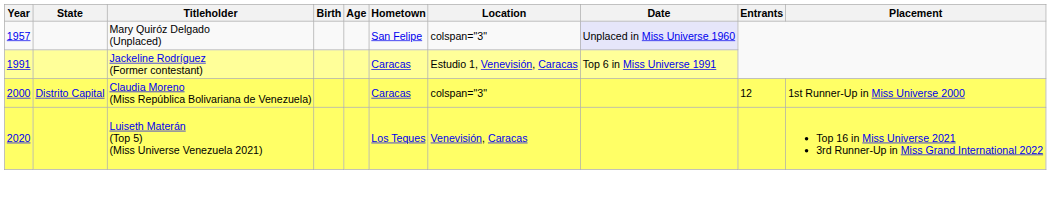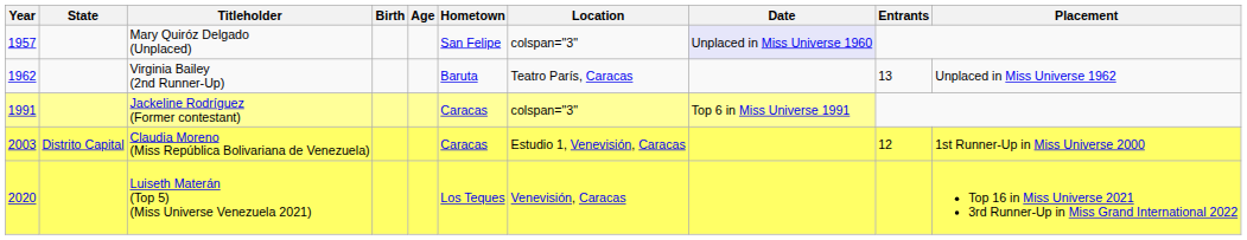 <table class="wikitable sortable" style="font-size: 95%;">
 <tr>
 <th>Year</th>
 <th>State</th>
 <th>Titleholder</th>
 <th>Birth</th>
 <th>Age</th>
 <th>Hometown</th>
 <th>Location</th>
 <th>Date</th>
 <th>Entrants</th>
 <th>Placement</th>
 </tr>
 <tr>
 <td><a href='#'>1957</a></td>
 <td></td>
 <td>Mary Quiróz Delgado<br>(Unplaced)</td>
 <td></td>
 <td></td>
 <td><a href='#'>San Felipe</a></td>
 <td>colspan="3" </td>
 <td style="background: lavender;">Unplaced in <a href='#'>Miss Universe 1960</a></td>
 </tr>
+<tr>
+<td><a href='#'>1962</a></td>
+<td></td>
+<td>Virginia Bailey<br>(2nd Runner-Up)</td>
+<td></td>
+<td></td>
+<td><a href='#'>Baruta</a></td>
+<td>Teatro París, <a href='#'>Caracas</a></td>
+<td></td>
+<td>13</td>
+<td>Unplaced in <a href='#'>Miss Universe 1962</a></td>
+</tr>
 <tr style="background-color:#FFFF99;">
 <td><a href='#'>1991</a></td>
 <td><s></s></td>
 <td><a href='#'>Jackeline Rodríguez</a><br>(Former contestant)</td>
 <td></td>
 <td></td>
 <td><a href='#'>Caracas</a></td>
-<td>Estudio 1, <a href='#'>Venevisión</a>, <a href='#'>Caracas</a></td>
+<td>colspan="3" </td>
 <td>Top 6 in <a href='#'>Miss Universe 1991</a></td>
 </tr>
 <tr style="background-color:#FFFF66;">
-<td><a href='#'>2000</a></td>
+<td><a href='#'>2003</a></td>
 <td> <a href='#'>Distrito Capital</a></td>
 <td><a href='#'>Claudia Moreno</a><br>(Miss República Bolivariana de Venezuela)</td>
 <td></td>
 <td></td>
 <td><a href='#'>Caracas</a></td>
-<td>colspan="3" </td>
+<td>Estudio 1, <a href='#'>Venevisión</a>, <a href='#'>Caracas</a></td>
 <td></td>
 <td>12</td>
 <td>1st Runner-Up in <a href='#'>Miss Universe 2000</a></td>
 </tr>
 <tr style="background-color:#FFFF66;">
 <td><a href='#'>2020</a></td>
 <td></td>
 <td><a href='#'>Luiseth Materán</a><br>(Top 5)<br>(Miss Universe Venezuela 2021)</td>
 <td></td>
 <td></td>
 <td><a href='#'>Los Teques</a></td>
 <td><a href='#'>Venevisión</a>, <a href='#'>Caracas</a></td>
 <td></td>
 <td></td>
 <td><br><ul><li>Top 16 in <a href='#'>Miss Universe 2021</a></li><li>3rd Runner-Up in <a href='#'>Miss Grand International 2022</a></li></ul></td>
 </tr>
 </table>
